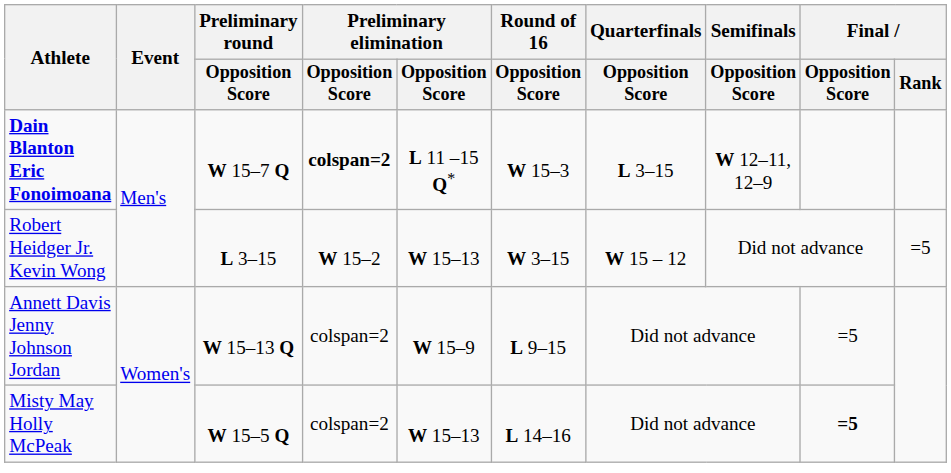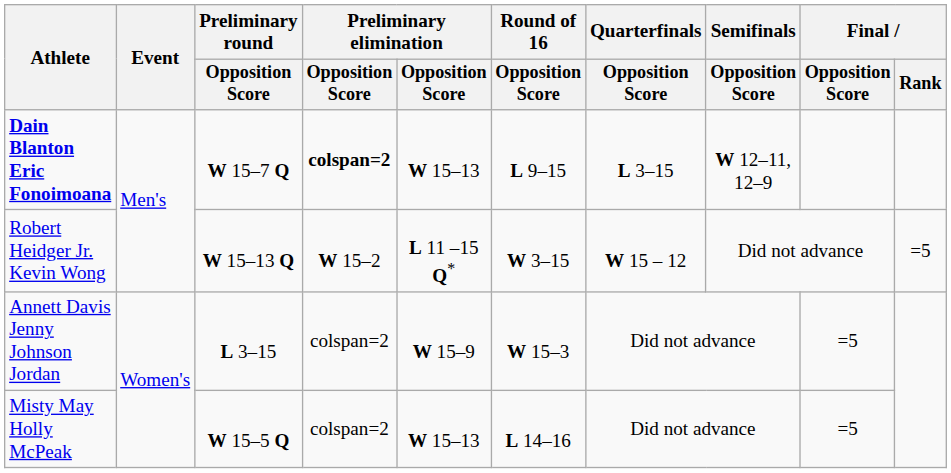 <table class=wikitable style=font-size:90%;text-align:center>
 <tr>
 <th rowspan=2>Athlete</th>
 <th rowspan=2>Event</th>
 <th>Preliminary round</th>
 <th colspan=2>Preliminary elimination</th>
 <th>Round of 16</th>
 <th>Quarterfinals</th>
 <th>Semifinals</th>
 <th colspan=2>Final / </th>
 </tr>
 <tr style=font-size:95%>
 <th>Opposition<br>Score</th>
 <th>Opposition<br>Score</th>
 <th>Opposition<br>Score</th>
 <th>Opposition<br>Score</th>
 <th>Opposition<br>Score</th>
 <th>Opposition<br>Score</th>
 <th>Opposition<br>Score</th>
 <th>Rank</th>
 </tr>
 <tr>
 <td align=left><strong><a href='#'>Dain Blanton</a><br><a href='#'>Eric Fonoimoana</a></strong></td>
 <td align=left rowspan=2><a href='#'>Men's</a></td>
 <td><br><strong>W</strong> 15–7 <strong>Q</strong></td>
 <td><strong>colspan=2 </strong></td>
-<td><br><strong>L</strong> 11 –15 <strong>Q</strong><sup>*</sup></td>
-<td><br><strong>W</strong> 15–3</td>
+<td><br><strong>W</strong> 15–13</td>
+<td><br><strong>L</strong> 9–15</td>
 <td><br><strong>L</strong> 3–15</td>
 <td><br><strong>W</strong> 12–11, 12–9</td>
 <td></td>
 </tr>
 <tr>
 <td align=left><a href='#'>Robert Heidger Jr.</a><br><a href='#'>Kevin Wong</a></td>
-<td><br><strong>L</strong> 3–15</td>
+<td><br><strong>W</strong> 15–13 <strong>Q</strong></td>
 <td><br><strong>W</strong> 15–2</td>
-<td><br><strong>W</strong> 15–13</td>
+<td><br><strong>L</strong> 11 –15 <strong>Q</strong><sup>*</sup></td>
 <td><br><strong>W</strong> 3–15</td>
 <td><br><strong>W</strong> 15 – 12</td>
 <td colspan=2>Did not advance</td>
 <td>=5</td>
 </tr>
 <tr>
 <td align=left><a href='#'>Annett Davis</a><br><a href='#'>Jenny Johnson Jordan</a></td>
 <td align=left rowspan=2><a href='#'>Women's</a></td>
-<td><br><strong>W</strong> 15–13 <strong>Q</strong></td>
+<td><br><strong>L</strong> 3–15</td>
 <td>colspan=2 </td>
 <td><br><strong>W</strong> 15–9</td>
-<td><br><strong>L</strong> 9–15</td>
+<td><br><strong>W</strong> 15–3</td>
 <td colspan=2>Did not advance</td>
 <td>=5</td>
 </tr>
 <tr>
 <td align=left><a href='#'>Misty May</a><br><a href='#'>Holly McPeak</a></td>
 <td><br><strong>W</strong> 15–5 <strong>Q</strong></td>
 <td>colspan=2 </td>
 <td><br><strong>W</strong> 15–13</td>
 <td><br><strong>L</strong> 14–16</td>
 <td colspan=2>Did not advance</td>
-<td><strong>=5</strong></td>
+<td>=5</td>
 </tr>
 </table>
